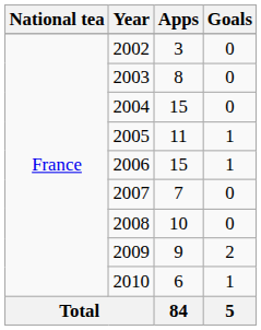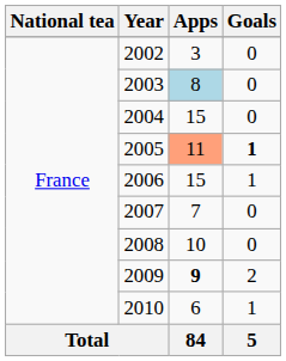 <table class="wikitable" style="text-align:center">
 <tr>
 <th>National tea</th>
 <th>Year</th>
 <th>Apps</th>
 <th>Goals</th>
 </tr>
 <tr>
 </tr>
 <tr>
 <td rowspan="9"><a href='#'>France</a></td>
 <td>2002</td>
 <td>3</td>
 <td>0</td>
 </tr>
 <tr>
 <td>2003</td>
-<td>8</td>
+<td style="background: lightblue;">8</td>
 <td>0</td>
 </tr>
 <tr>
 <td>2004</td>
 <td>15</td>
 <td>0</td>
 </tr>
 <tr>
 <td>2005</td>
-<td>11</td>
-<td>1</td>
+<td style="background: lightsalmon;">11</td>
+<td><strong>1</strong></td>
 </tr>
 <tr>
 <td>2006</td>
 <td>15</td>
 <td>1</td>
 </tr>
 <tr>
 <td>2007</td>
 <td>7</td>
 <td>0</td>
 </tr>
 <tr>
 <td>2008</td>
 <td>10</td>
 <td>0</td>
 </tr>
 <tr>
 <td>2009</td>
-<td>9</td>
+<td><strong>9</strong></td>
 <td>2</td>
 </tr>
 <tr>
 <td>2010</td>
 <td>6</td>
 <td>1</td>
 </tr>
 <tr>
 <th colspan="2">Total</th>
 <th>84</th>
 <th>5</th>
 </tr>
 </table>
